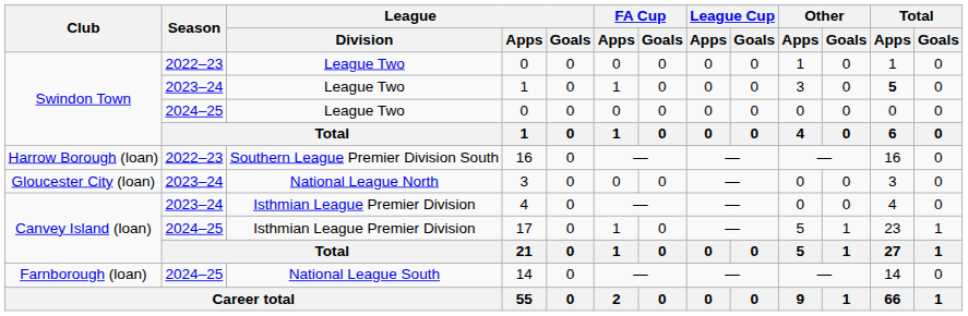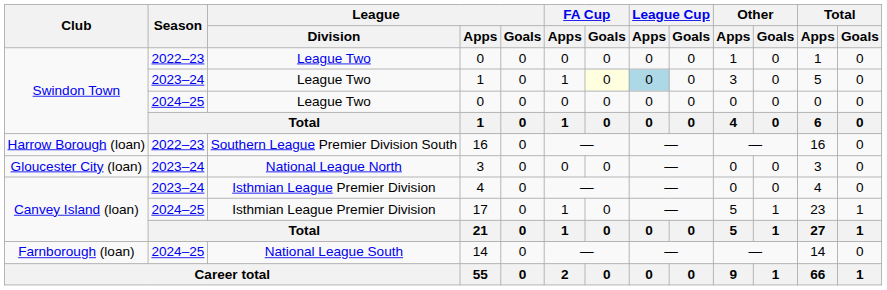 <table class="wikitable" style="text-align:center">
 <tr>
 <th rowspan="2">Club</th>
 <th rowspan="2">Season</th>
 <th colspan="3">League</th>
 <th colspan="2"><a href='#'>FA Cup</a></th>
 <th colspan="2"><a href='#'>League Cup</a></th>
 <th colspan="2">Other</th>
 <th colspan="2">Total</th>
 </tr>
 <tr>
 <th>Division</th>
 <th>Apps</th>
 <th>Goals</th>
 <th>Apps</th>
 <th>Goals</th>
 <th>Apps</th>
 <th>Goals</th>
 <th>Apps</th>
 <th>Goals</th>
 <th>Apps</th>
 <th>Goals</th>
 </tr>
 <tr>
 <td rowspan="4"><a href='#'>Swindon Town</a></td>
 <td><a href='#'>2022–23</a></td>
 <td><a href='#'>League Two</a></td>
 <td>0</td>
 <td>0</td>
 <td>0</td>
 <td>0</td>
 <td>0</td>
 <td>0</td>
 <td>1</td>
 <td>0</td>
 <td>1</td>
 <td>0</td>
 </tr>
 <tr>
 <td><a href='#'>2023–24</a></td>
 <td>League Two</td>
 <td>1</td>
 <td>0</td>
 <td>1</td>
-<td>0</td>
-<td>0</td>
+<td style="background: lightyellow;">0</td>
+<td style="background: lightblue;">0</td>
 <td>0</td>
 <td>3</td>
 <td>0</td>
-<td><strong>5</strong></td>
+<td>5</td>
 <td>0</td>
 </tr>
 <tr>
 <td><a href='#'>2024–25</a></td>
 <td>League Two</td>
 <td>0</td>
 <td>0</td>
 <td>0</td>
 <td>0</td>
 <td>0</td>
 <td>0</td>
 <td>0</td>
 <td>0</td>
 <td>0</td>
 <td>0</td>
 </tr>
 <tr>
 <th colspan=2>Total</th>
 <th>1</th>
 <th>0</th>
 <th>1</th>
 <th>0</th>
 <th>0</th>
 <th>0</th>
 <th>4</th>
 <th>0</th>
 <th>6</th>
 <th>0</th>
 </tr>
 <tr>
 <td><a href='#'>Harrow Borough</a> (loan)</td>
 <td><a href='#'>2022–23</a></td>
 <td><a href='#'>Southern League</a> Premier Division South</td>
 <td>16</td>
 <td>0</td>
 <td colspan="2">—</td>
 <td colspan="2">—</td>
 <td colspan="2">—</td>
 <td>16</td>
 <td>0</td>
 </tr>
 <tr>
 <td><a href='#'>Gloucester City</a> (loan)</td>
 <td><a href='#'>2023–24</a></td>
 <td><a href='#'>National League North</a></td>
 <td>3</td>
 <td>0</td>
 <td>0</td>
 <td>0</td>
 <td colspan="2">—</td>
 <td>0</td>
 <td>0</td>
 <td>3</td>
 <td>0</td>
 </tr>
 <tr>
 <td rowspan="3"><a href='#'>Canvey Island</a> (loan)</td>
 <td><a href='#'>2023–24</a></td>
 <td><a href='#'>Isthmian League</a> Premier Division</td>
 <td>4</td>
 <td>0</td>
 <td colspan="2">—</td>
 <td colspan="2">—</td>
 <td>0</td>
 <td>0</td>
 <td>4</td>
 <td>0</td>
 </tr>
 <tr>
 <td><a href='#'>2024–25</a></td>
 <td>Isthmian League Premier Division</td>
 <td>17</td>
 <td>0</td>
 <td>1</td>
 <td>0</td>
 <td colspan="2">—</td>
 <td>5</td>
 <td>1</td>
 <td>23</td>
 <td>1</td>
 </tr>
 <tr>
 <th colspan="2">Total</th>
 <th>21</th>
 <th>0</th>
 <th>1</th>
 <th>0</th>
 <th>0</th>
 <th>0</th>
 <th>5</th>
 <th>1</th>
 <th>27</th>
 <th>1</th>
 </tr>
 <tr>
 <td><a href='#'>Farnborough</a> (loan)</td>
 <td><a href='#'>2024–25</a></td>
 <td><a href='#'>National League South</a></td>
 <td>14</td>
 <td>0</td>
 <td colspan="2">—</td>
 <td colspan="2">—</td>
 <td colspan="2">—</td>
 <td>14</td>
 <td>0</td>
 </tr>
 <tr>
 <th colspan=3>Career total</th>
 <th>55</th>
 <th>0</th>
 <th>2</th>
 <th>0</th>
 <th>0</th>
 <th>0</th>
 <th>9</th>
 <th>1</th>
 <th>66</th>
 <th>1</th>
 </tr>
 </table>
